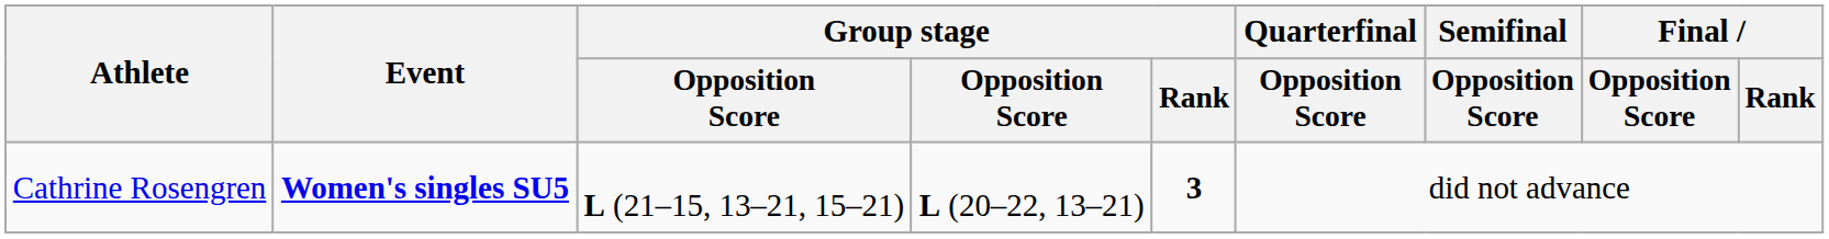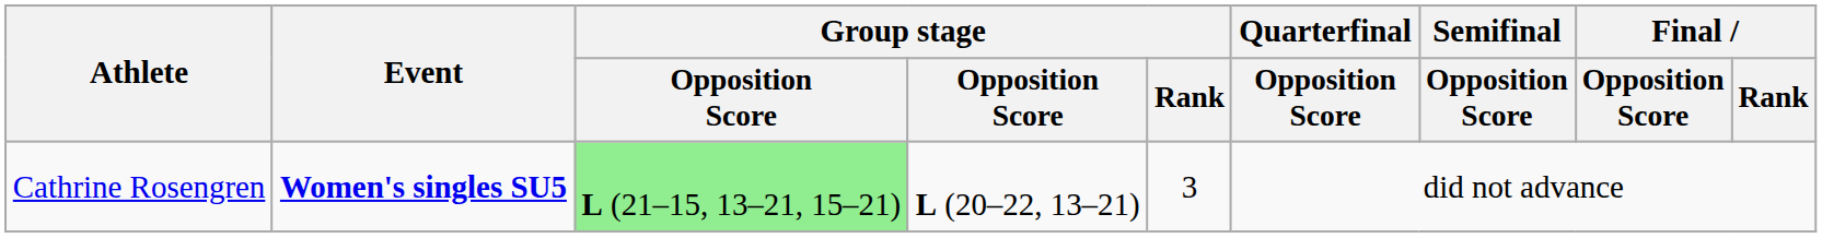 <table class="wikitable" style="font-size:90%; text-align:center">
 <tr>
 <th rowspan="2">Athlete</th>
 <th rowspan="2">Event</th>
 <th colspan="3">Group stage</th>
 <th>Quarterfinal</th>
 <th>Semifinal</th>
 <th colspan="2">Final / </th>
 </tr>
 <tr style="font-size:95%">
 <th>Opposition<br>Score</th>
 <th>Opposition<br>Score</th>
 <th>Rank</th>
 <th>Opposition<br>Score</th>
 <th>Opposition<br>Score</th>
 <th>Opposition<br>Score</th>
 <th>Rank</th>
 </tr>
 <tr>
 <td align="left"><a href='#'>Cathrine Rosengren</a></td>
 <td align="left"><strong><a href='#'>Women's singles SU5</a></strong></td>
-<td><br><strong>L</strong> (21–15, 13–21, 15–21)</td>
+<td style="background: lightgreen;"><br><strong>L</strong> (21–15, 13–21, 15–21)</td>
 <td><br><strong>L</strong> (20–22, 13–21)</td>
-<td><strong>3</strong></td>
+<td>3</td>
 <td colspan="4">did not advance</td>
 </tr>
 </table>
